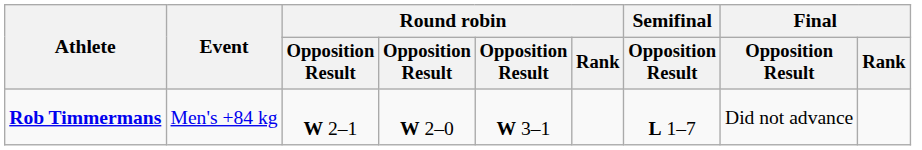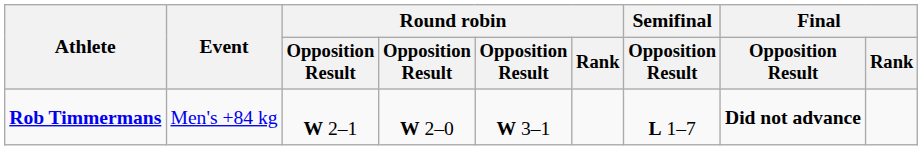 <table class=wikitable style=font-size:90%;text-align:center>
 <tr>
 <th rowspan=2>Athlete</th>
 <th rowspan=2>Event</th>
 <th colspan=4>Round robin</th>
 <th>Semifinal</th>
 <th colspan=2>Final</th>
 </tr>
 <tr style=font-size:95%>
 <th>Opposition<br>Result</th>
 <th>Opposition<br>Result</th>
 <th>Opposition<br>Result</th>
 <th>Rank</th>
 <th>Opposition<br>Result</th>
 <th>Opposition<br>Result</th>
 <th>Rank</th>
 </tr>
 <tr>
 <td align=left><strong><a href='#'>Rob Timmermans</a></strong></td>
 <td align=left><a href='#'>Men's +84 kg</a></td>
 <td><br><strong>W</strong> 2–1</td>
 <td><br><strong>W</strong> 2–0</td>
 <td><br><strong>W</strong> 3–1</td>
 <td></td>
 <td><br><strong>L</strong> 1–7</td>
-<td>Did not advance</td>
+<td><strong>Did not advance</strong></td>
 <td></td>
 </tr>
 </table>
